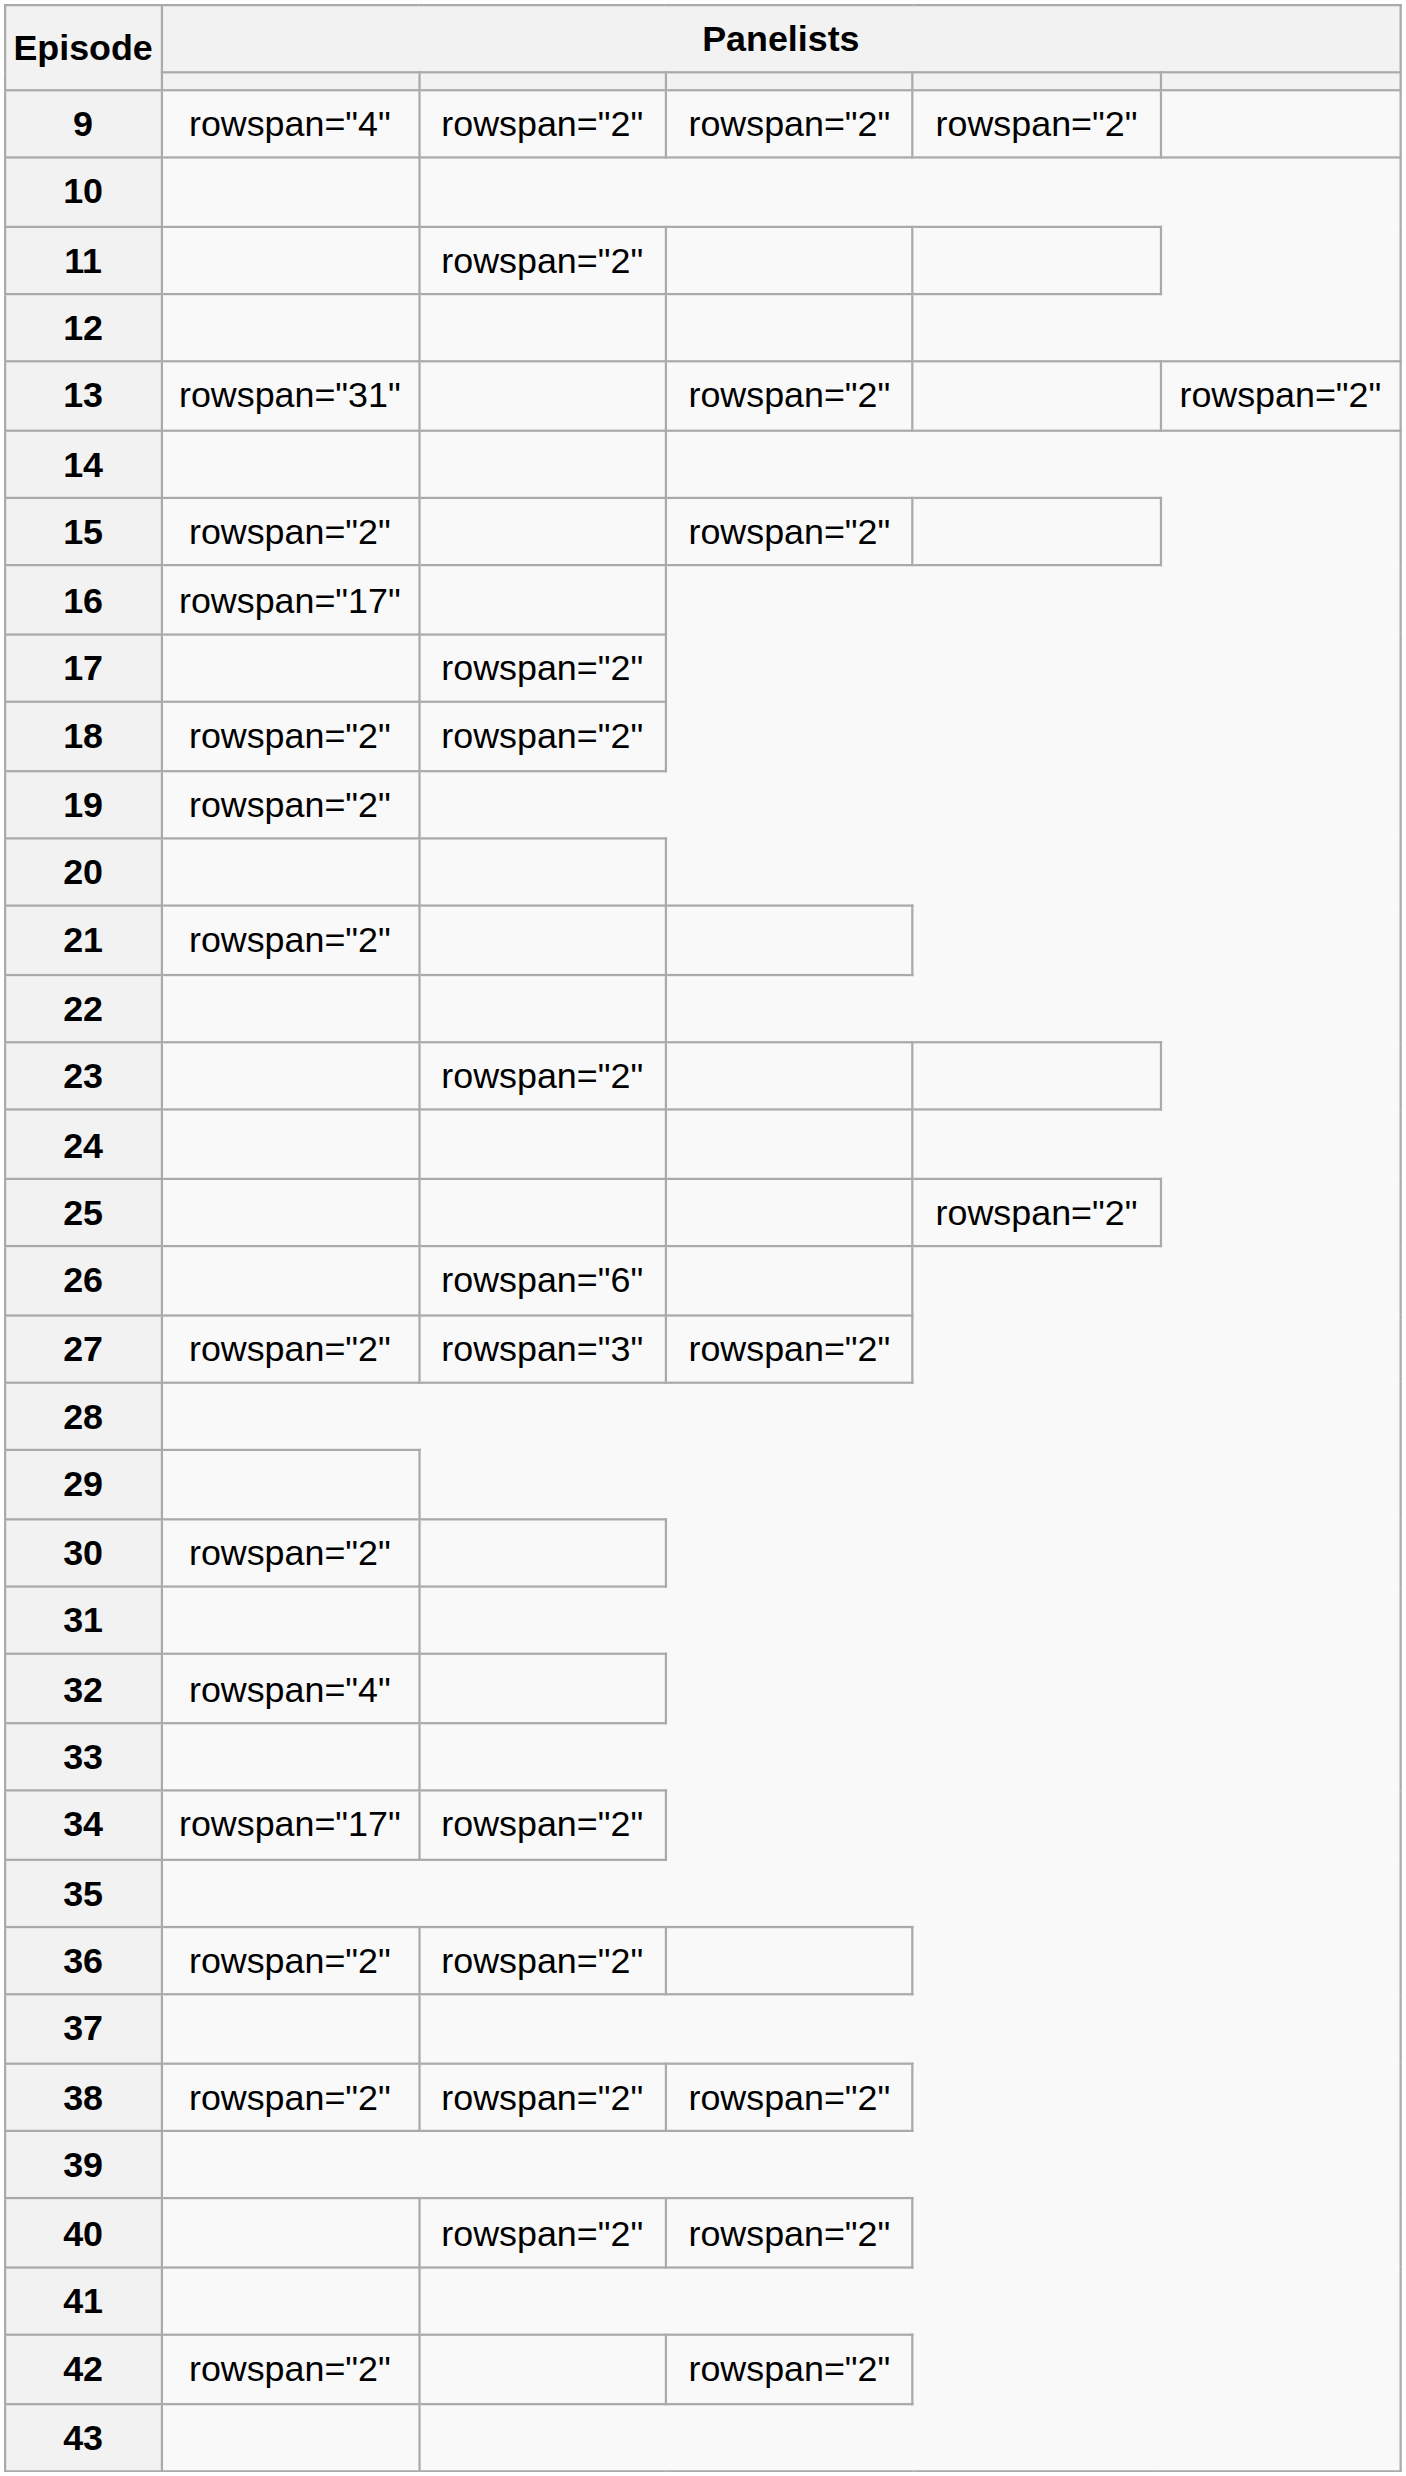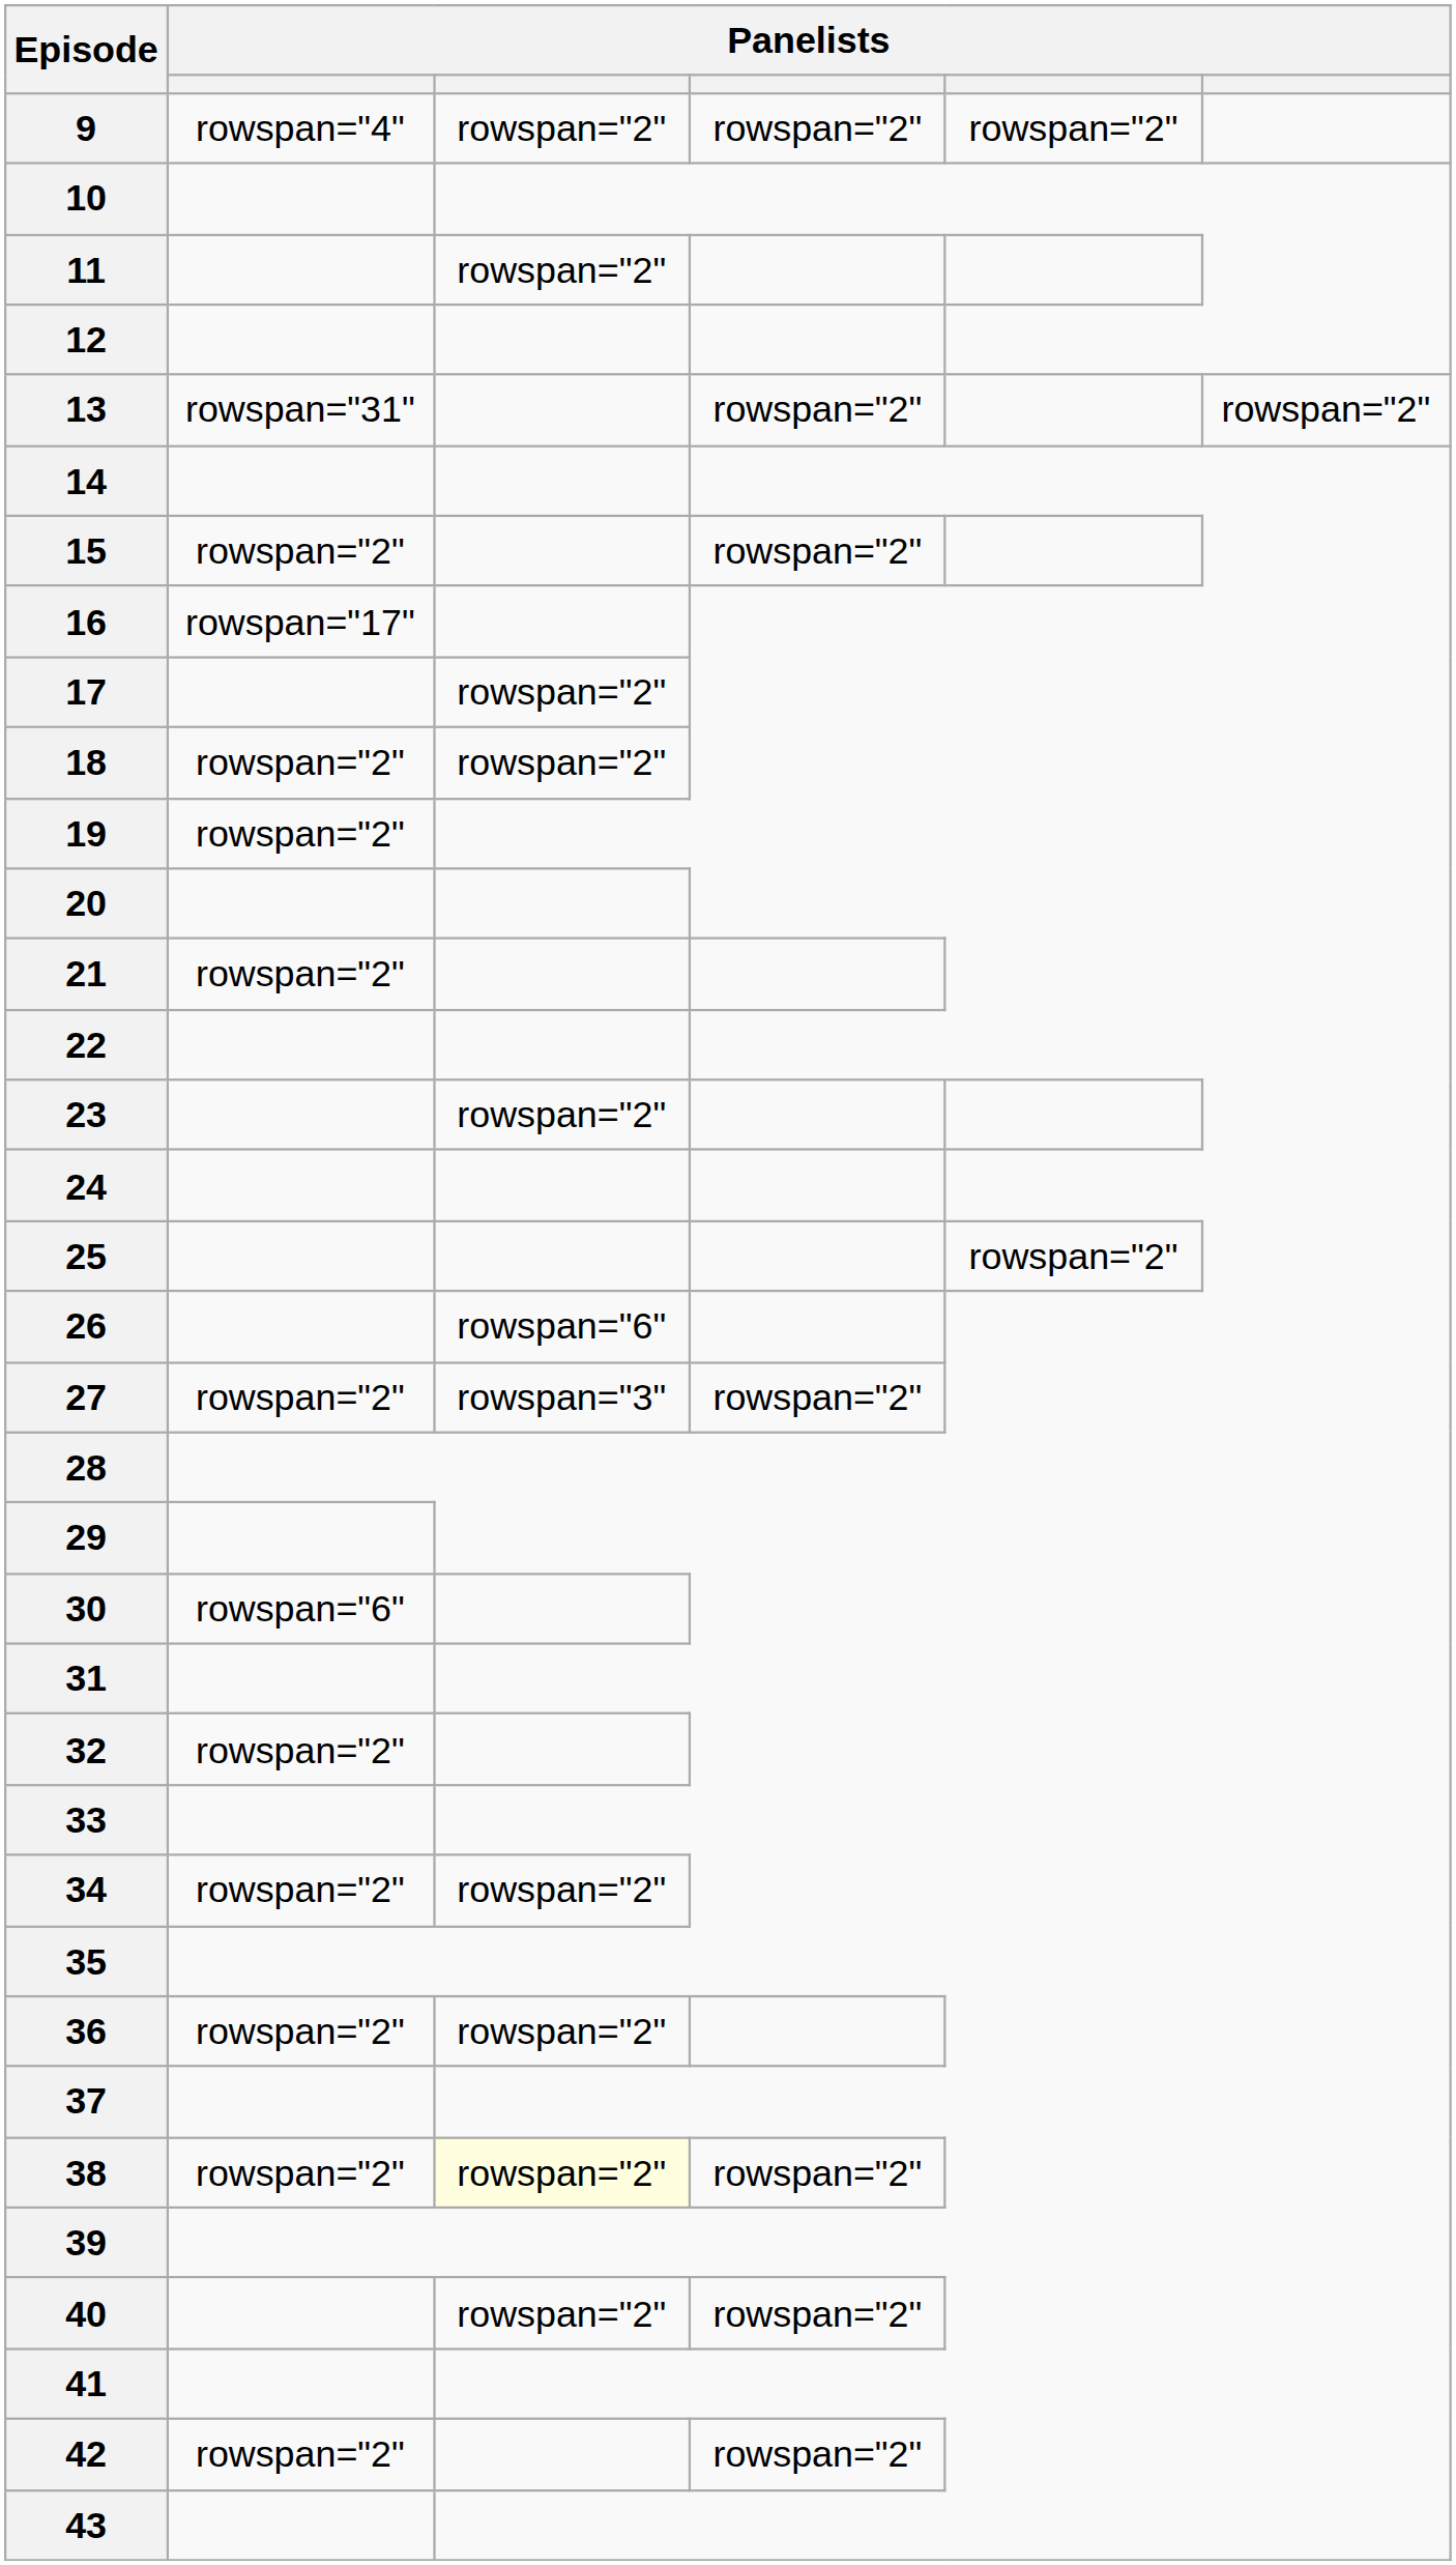 <table class="wikitable plainrowheaders mw-collapsible" style="text-align:center; line-height:23px; width:100%;">
 <tr>
 <th rowspan="2" width="1%">Episode</th>
 <th colspan="6">Panelists</th>
 </tr>
 <tr>
 <th width="20%"></th>
 <th width="20%"></th>
 <th width="20%"></th>
 <th width="20%"></th>
 <th width="20%"></th>
 </tr>
 <tr>
 <th>9</th>
 <td>rowspan="4"</td>
 <td>rowspan="2"</td>
 <td>rowspan="2"</td>
 <td>rowspan="2"</td>
 <td></td>
 </tr>
 <tr>
 <th>10</th>
 <td></td>
 </tr>
 <tr>
 <th>11</th>
 <td></td>
 <td>rowspan="2"</td>
 <td></td>
 <td></td>
 </tr>
 <tr>
 <th>12</th>
 <td></td>
 <td></td>
 <td></td>
 </tr>
 <tr>
 <th>13</th>
 <td>rowspan="31"</td>
 <td></td>
 <td>rowspan="2"</td>
 <td></td>
 <td>rowspan="2"</td>
 </tr>
 <tr>
 <th>14</th>
 <td></td>
 <td></td>
 </tr>
 <tr>
 <th>15</th>
 <td>rowspan="2"</td>
 <td></td>
 <td>rowspan="2"</td>
 <td></td>
 </tr>
 <tr>
 <th>16</th>
 <td>rowspan="17"</td>
 <td></td>
 </tr>
 <tr>
 <th>17</th>
 <td></td>
 <td>rowspan="2"</td>
 </tr>
 <tr>
 <th>18</th>
 <td>rowspan="2"</td>
 <td>rowspan="2"</td>
 </tr>
 <tr>
 <th>19</th>
 <td>rowspan="2"</td>
 </tr>
 <tr>
 <th>20</th>
 <td></td>
 <td></td>
 </tr>
 <tr>
 <th>21</th>
 <td>rowspan="2"</td>
 <td></td>
 <td></td>
 </tr>
 <tr>
 <th>22</th>
 <td></td>
 <td></td>
 </tr>
 <tr>
 <th>23</th>
 <td></td>
 <td>rowspan="2"</td>
 <td></td>
 <td></td>
 </tr>
 <tr>
 <th>24</th>
 <td></td>
 <td></td>
 <td></td>
 </tr>
 <tr>
 <th>25</th>
 <td></td>
 <td></td>
 <td></td>
 <td>rowspan="2"</td>
 </tr>
 <tr>
 <th>26</th>
 <td></td>
 <td>rowspan="6"</td>
 <td></td>
 </tr>
 <tr>
 <th>27</th>
 <td>rowspan="2"</td>
 <td>rowspan="3"</td>
 <td>rowspan="2"</td>
 </tr>
 <tr>
 <th>28</th>
 </tr>
 <tr>
 <th>29</th>
 <td></td>
 </tr>
 <tr>
 <th>30</th>
-<td>rowspan="2"</td>
+<td>rowspan="6"</td>
 <td></td>
 </tr>
 <tr>
 <th>31</th>
 <td></td>
 </tr>
 <tr>
 <th>32</th>
-<td>rowspan="4"</td>
+<td>rowspan="2"</td>
 <td></td>
 </tr>
 <tr>
 <th>33</th>
 <td></td>
 </tr>
 <tr>
 <th>34</th>
-<td>rowspan="17"</td>
+<td>rowspan="2"</td>
 <td>rowspan="2"</td>
 </tr>
 <tr>
 <th>35</th>
 </tr>
 <tr>
 <th>36</th>
 <td>rowspan="2"</td>
 <td>rowspan="2"</td>
 <td></td>
 </tr>
 <tr>
 <th>37</th>
 <td></td>
 </tr>
 <tr>
 <th>38</th>
 <td>rowspan="2"</td>
-<td>rowspan="2"</td>
+<td style="background: lightyellow;">rowspan="2"</td>
 <td>rowspan="2"</td>
 </tr>
 <tr>
 <th>39</th>
 </tr>
 <tr>
 <th>40</th>
 <td></td>
 <td>rowspan="2"</td>
 <td>rowspan="2"</td>
 </tr>
 <tr>
 <th>41</th>
 <td></td>
 </tr>
 <tr>
 <th>42</th>
 <td>rowspan="2"</td>
 <td></td>
 <td>rowspan="2"</td>
 </tr>
 <tr>
 <th>43</th>
 <td></td>
 </tr>
 </table>
